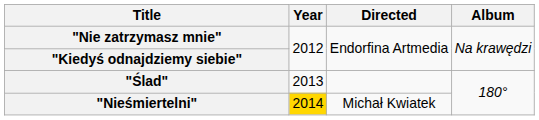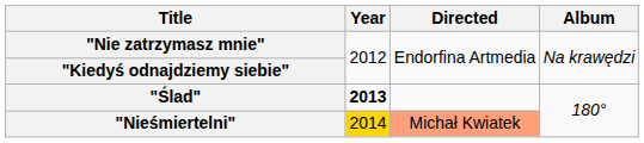 <table class="wikitable plainrowheaders" style="text-align:center;">
 <tr>
 <th scope="col" style="width:20em;">Title</th>
 <th scope="col">Year</th>
 <th scope="col">Directed</th>
 <th scope="col">Album</th>
 </tr>
 <tr>
 <th scope="row">"Nie zatrzymasz mnie"</th>
 <td rowspan=2>2012</td>
 <td rowspan=2>Endorfina Artmedia</td>
 <td rowspan=2><em>Na krawędzi</em></td>
 </tr>
 <tr>
 <th scope="row">"Kiedyś odnajdziemy siebie"</th>
 </tr>
 <tr>
 <th scope="row">"Ślad"</th>
-<td>2013</td>
+<td><strong>2013</strong></td>
 <td></td>
 <td rowspan=2><em>180°</em></td>
 </tr>
 <tr>
 <th scope="row">"Nieśmiertelni"</th>
 <td style="background: gold;">2014</td>
-<td>Michał Kwiatek</td>
+<td style="background: lightsalmon;">Michał Kwiatek</td>
 </tr>
 </table>
